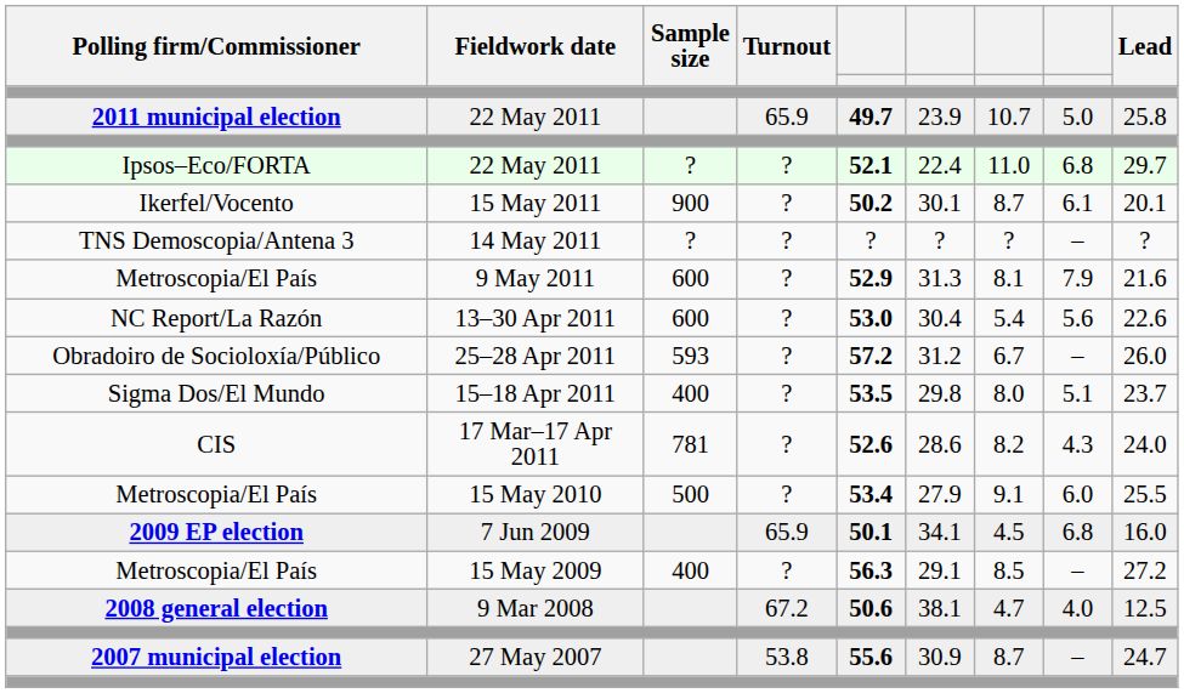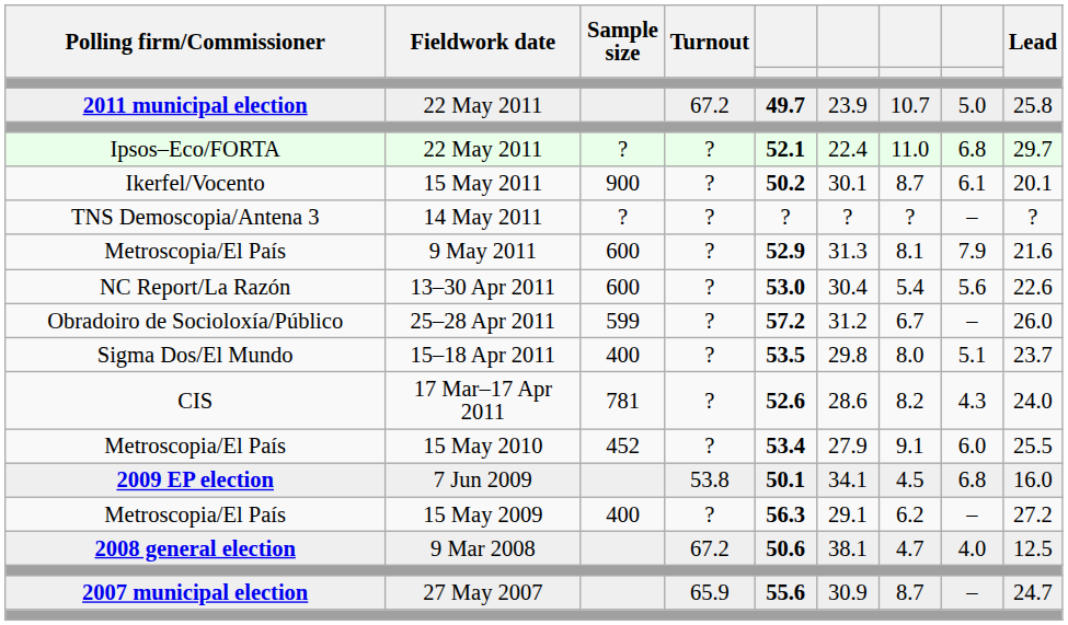 <table class="wikitable collapsible collapsed" style="text-align:center; font-size:95%; line-height:16px;">
 <tr style="height:42px;">
 <th style="width:250px;" rowspan="2">Polling firm/Commissioner</th>
 <th style="width:125px;" rowspan="2">Fieldwork date</th>
 <th style="width:50px;" rowspan="2">Sample size</th>
 <th style="width:45px;" rowspan="2">Turnout</th>
 <th style="width:35px;"></th>
 <th style="width:35px;"></th>
 <th style="width:35px;"></th>
 <th style="width:35px;"></th>
 <th style="width:30px;" rowspan="2">Lead</th>
 </tr>
 <tr>
 <th style="color:inherit;background:"></th>
 <th style="color:inherit;background:"></th>
 <th style="color:inherit;background:"></th>
 <th style="color:inherit;background:"></th>
 </tr>
 <tr>
 <td colspan="9" style="background:#A0A0A0"></td>
 </tr>
 <tr style="background:#EFEFEF;">
 <td><strong><a href='#'>2011 municipal election</a></strong></td>
 <td>22 May 2011</td>
 <td></td>
-<td>65.9</td>
+<td>67.2</td>
 <td><strong>49.7</strong><br></td>
 <td>23.9<br></td>
 <td>10.7<br></td>
 <td>5.0<br></td>
 <td style="background:">25.8</td>
 </tr>
 <tr>
 <td colspan="9" style="background:#A0A0A0"></td>
 </tr>
 <tr style="background:#EAFFEA;">
 <td>Ipsos–Eco/FORTA</td>
 <td>22 May 2011</td>
 <td>?</td>
 <td>?</td>
 <td><strong>52.1</strong><br></td>
 <td>22.4<br></td>
 <td>11.0<br></td>
 <td>6.8<br></td>
 <td style="background:">29.7</td>
 </tr>
 <tr>
 <td>Ikerfel/Vocento</td>
 <td>15 May 2011</td>
 <td>900</td>
 <td>?</td>
 <td><strong>50.2</strong><br></td>
 <td>30.1<br></td>
 <td>8.7<br></td>
 <td>6.1<br></td>
 <td style="background:">20.1</td>
 </tr>
 <tr>
 <td>TNS Demoscopia/Antena 3</td>
 <td>14 May 2011</td>
 <td>?</td>
 <td>?</td>
 <td>?<br></td>
 <td>?<br></td>
 <td>?<br></td>
 <td>–</td>
 <td style="background:">?</td>
 </tr>
 <tr>
 <td>Metroscopia/El País</td>
 <td>9 May 2011</td>
 <td>600</td>
 <td>?</td>
 <td><strong>52.9</strong><br></td>
 <td>31.3<br></td>
 <td>8.1<br></td>
 <td>7.9<br></td>
 <td style="background:">21.6</td>
 </tr>
 <tr>
 <td>NC Report/La Razón</td>
 <td>13–30 Apr 2011</td>
 <td>600</td>
 <td>?</td>
 <td><strong>53.0</strong><br></td>
 <td>30.4<br></td>
 <td>5.4<br></td>
 <td>5.6<br></td>
 <td style="background:">22.6</td>
 </tr>
 <tr>
 <td>Obradoiro de Socioloxía/Público</td>
 <td>25–28 Apr 2011</td>
-<td>593</td>
+<td>599</td>
 <td>?</td>
 <td><strong>57.2</strong><br></td>
 <td>31.2<br></td>
 <td>6.7<br></td>
 <td>–</td>
 <td style="background:">26.0</td>
 </tr>
 <tr>
 <td>Sigma Dos/El Mundo</td>
 <td>15–18 Apr 2011</td>
 <td>400</td>
 <td>?</td>
 <td><strong>53.5</strong><br></td>
 <td>29.8<br></td>
 <td>8.0<br></td>
 <td>5.1<br></td>
 <td style="background:">23.7</td>
 </tr>
 <tr>
 <td>CIS</td>
 <td>17 Mar–17 Apr 2011</td>
 <td>781</td>
 <td>?</td>
 <td><strong>52.6</strong><br></td>
 <td>28.6<br></td>
 <td>8.2<br></td>
 <td>4.3<br></td>
 <td style="background:">24.0</td>
 </tr>
 <tr>
 <td>Metroscopia/El País</td>
 <td>15 May 2010</td>
-<td>500</td>
+<td>452</td>
 <td>?</td>
 <td><strong>53.4</strong><br></td>
 <td>27.9<br></td>
 <td>9.1<br></td>
 <td>6.0<br></td>
 <td style="background:">25.5</td>
 </tr>
 <tr style="background:#EFEFEF;">
 <td><strong><a href='#'>2009 EP election</a></strong></td>
 <td>7 Jun 2009</td>
 <td></td>
-<td>65.9</td>
+<td>53.8</td>
 <td><strong>50.1</strong><br></td>
 <td>34.1<br></td>
 <td>4.5<br></td>
 <td>6.8<br></td>
 <td style="background:">16.0</td>
 </tr>
 <tr>
 <td>Metroscopia/El País</td>
 <td>15 May 2009</td>
 <td>400</td>
 <td>?</td>
 <td><strong>56.3</strong><br></td>
 <td>29.1<br></td>
-<td>8.5<br></td>
+<td>6.2<br></td>
 <td>–</td>
 <td style="background:">27.2</td>
 </tr>
 <tr style="background:#EFEFEF;">
 <td><strong><a href='#'>2008 general election</a></strong></td>
 <td>9 Mar 2008</td>
 <td></td>
 <td>67.2</td>
 <td><strong>50.6</strong><br></td>
 <td>38.1<br></td>
 <td>4.7<br></td>
 <td>4.0<br></td>
 <td style="background:">12.5</td>
 </tr>
 <tr>
 <td colspan="9" style="background:#A0A0A0"></td>
 </tr>
 <tr style="background:#EFEFEF;">
 <td><strong><a href='#'>2007 municipal election</a></strong></td>
 <td>27 May 2007</td>
 <td></td>
-<td>53.8</td>
+<td>65.9</td>
 <td><strong>55.6</strong><br></td>
 <td>30.9<br></td>
 <td>8.7<br></td>
 <td>–</td>
 <td style="background:">24.7</td>
 </tr>
 <tr>
 <td colspan="9" style="background:#A0A0A0"></td>
 </tr>
 </table>
